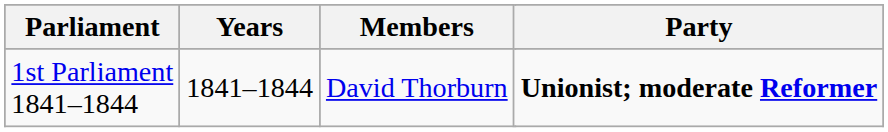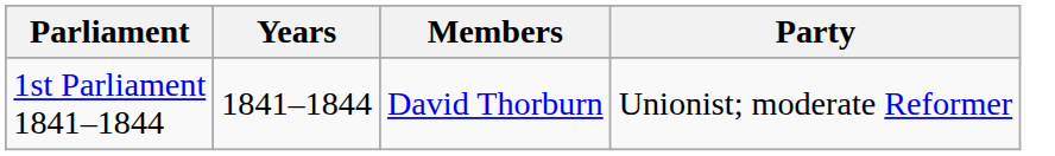 <table class="wikitable">
 <tr>
 <th>Parliament</th>
 <th>Years</th>
 <th colspan="2">Members</th>
 <th>Party</th>
 </tr>
 <tr>
 <td><a href='#'>1st Parliament</a><br>1841–1844</td>
 <td>1841–1844</td>
 <td colspan = "2"><a href='#'>David Thorburn</a></td>
-<td><strong>Unionist;  moderate <a href='#'>Reformer</a></strong></td>
+<td>Unionist;  moderate <a href='#'>Reformer</a></td>
 </tr>
 </table>
